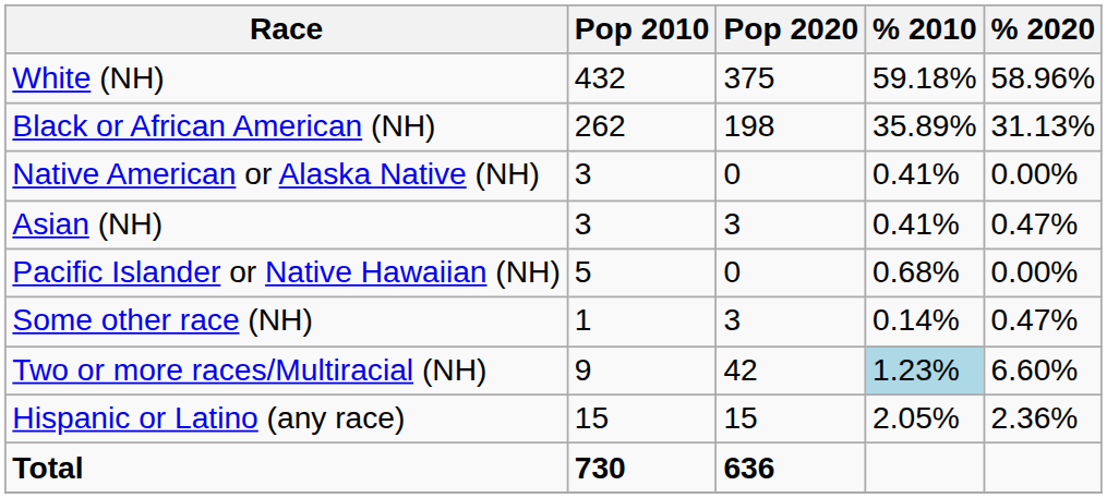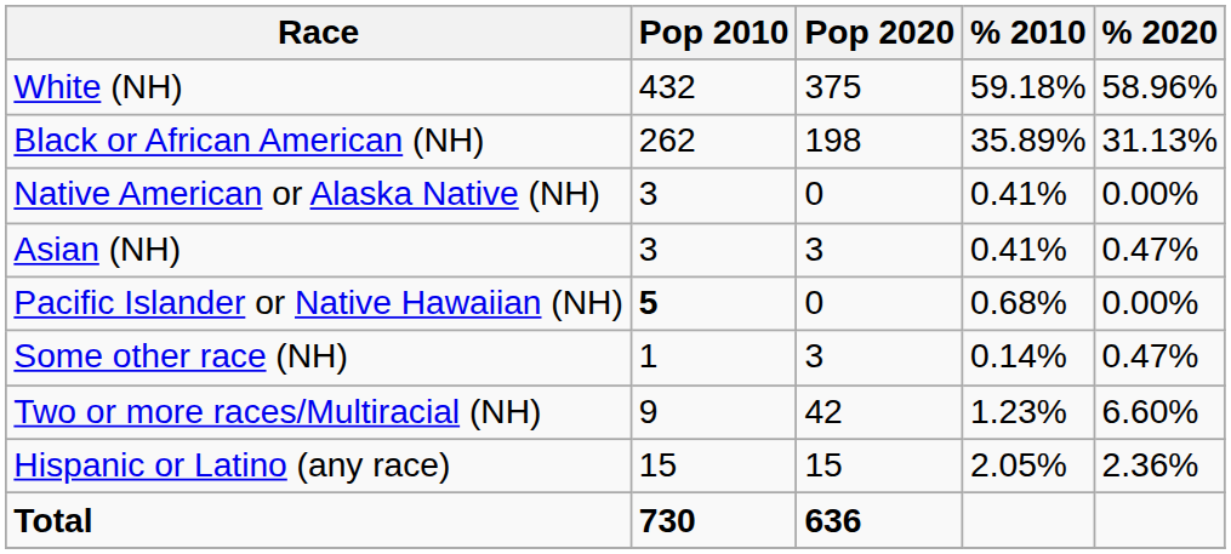 <table class="wikitable">
 <tr>
 <th>Race</th>
 <th>Pop 2010</th>
 <th>Pop 2020</th>
 <th>% 2010</th>
 <th>% 2020</th>
 </tr>
 <tr>
 <td><a href='#'>White</a> (NH)</td>
 <td>432</td>
 <td>375</td>
 <td>59.18%</td>
 <td>58.96%</td>
 </tr>
 <tr>
 <td><a href='#'>Black or African American</a> (NH)</td>
 <td>262</td>
 <td>198</td>
 <td>35.89%</td>
 <td>31.13%</td>
 </tr>
 <tr>
 <td><a href='#'>Native American</a> or <a href='#'>Alaska Native</a> (NH)</td>
 <td>3</td>
 <td>0</td>
 <td>0.41%</td>
 <td>0.00%</td>
 </tr>
 <tr>
 <td><a href='#'>Asian</a> (NH)</td>
 <td>3</td>
 <td>3</td>
 <td>0.41%</td>
 <td>0.47%</td>
 </tr>
 <tr>
 <td><a href='#'>Pacific Islander</a> or <a href='#'>Native Hawaiian</a> (NH)</td>
-<td>5</td>
+<td><strong>5</strong></td>
 <td>0</td>
 <td>0.68%</td>
 <td>0.00%</td>
 </tr>
 <tr>
 <td><a href='#'>Some other race</a> (NH)</td>
 <td>1</td>
 <td>3</td>
 <td>0.14%</td>
 <td>0.47%</td>
 </tr>
 <tr>
 <td><a href='#'>Two or more races/Multiracial</a> (NH)</td>
 <td>9</td>
 <td>42</td>
-<td style="background: lightblue;">1.23%</td>
+<td>1.23%</td>
 <td>6.60%</td>
 </tr>
 <tr>
 <td><a href='#'>Hispanic or Latino</a> (any race)</td>
 <td>15</td>
 <td>15</td>
 <td>2.05%</td>
 <td>2.36%</td>
 </tr>
 <tr>
 <td><strong>Total</strong></td>
 <td><strong>730</strong></td>
 <td><strong>636</strong></td>
 <td></td>
 <td></td>
 </tr>
 <tr>
 </tr>
 </table>
